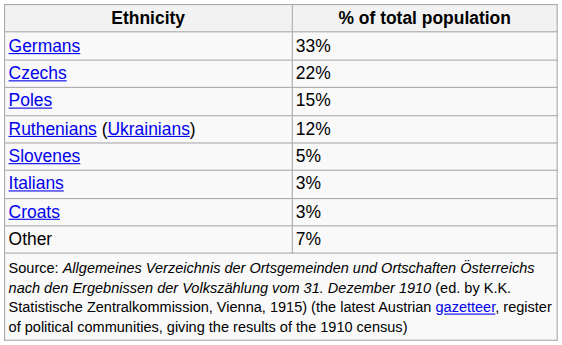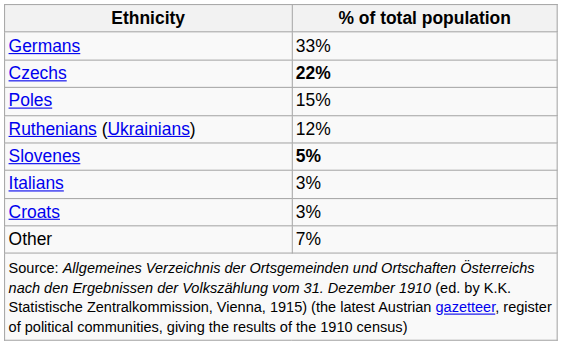 <table class="wikitable">
 <tr>
 <th>Ethnicity</th>
 <th>% of total population</th>
 </tr>
 <tr>
 <td><a href='#'>Germans</a></td>
 <td>33%</td>
 </tr>
 <tr>
 <td><a href='#'>Czechs</a></td>
-<td>22%</td>
+<td><strong>22%</strong></td>
 </tr>
 <tr>
 <td><a href='#'>Poles</a></td>
 <td>15%</td>
 </tr>
 <tr>
 <td><a href='#'>Ruthenians</a> (<a href='#'>Ukrainians</a>)</td>
 <td>12%</td>
 </tr>
 <tr>
 <td><a href='#'>Slovenes</a></td>
-<td>5%</td>
+<td><strong>5%</strong></td>
 </tr>
 <tr>
 <td><a href='#'>Italians</a></td>
 <td>3%</td>
 </tr>
 <tr>
 <td><a href='#'>Croats</a></td>
 <td>3%</td>
 </tr>
 <tr>
 <td>Other</td>
 <td>7%</td>
 </tr>
 <tr>
 <td colspan="2" align="left" width="500"><small>Source: <em>Allgemeines Verzeichnis der Ortsgemeinden und Ortschaften Österreichs nach den Ergebnissen der Volkszählung vom 31. Dezember 1910</em> (ed. by K.K. Statistische Zentralkommission, Vienna, 1915) (the latest Austrian <a href='#'>gazetteer</a>, register of political communities, giving the results of the 1910 census)</small></td>
 </tr>
 </table>
